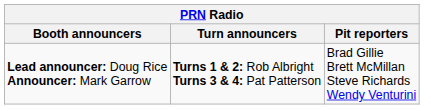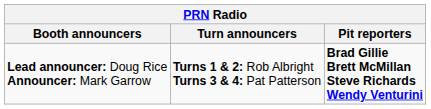 <table class="wikitable" style="font-size: 95%;">
 <tr>
 <th colspan="3"><a href='#'>PRN</a> Radio</th>
 </tr>
 <tr>
 <th>Booth announcers</th>
 <th>Turn announcers</th>
 <th>Pit reporters</th>
 </tr>
 <tr>
 <td><strong>Lead announcer:</strong> Doug Rice<br><strong>Announcer:</strong> Mark Garrow</td>
 <td><strong>Turns 1 & 2:</strong> Rob Albright<br><strong>Turns 3 & 4:</strong> Pat Patterson</td>
-<td>Brad Gillie<br>Brett McMillan<br>Steve Richards<br><a href='#'>Wendy Venturini</a></td>
+<td><strong>Brad Gillie<br>Brett McMillan<br>Steve Richards<br><a href='#'>Wendy Venturini</a></strong></td>
 </tr>
 </table>
